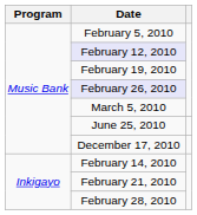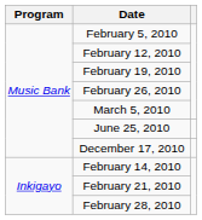 <table class="wikitable plainrowheaders" style="text-align:center;">
 <tr>
 <th>Program</th>
 <th width="150">Date</th>
 <th></th>
 </tr>
 <tr>
 <td rowspan="7"><a href='#'><em>Music Bank</em></a></td>
 <td>February 5, 2010</td>
 <td rowspan="5"></td>
 </tr>
 <tr>
-<td style="background: lavender;">February 12, 2010</td>
+<td>February 12, 2010</td>
 </tr>
 <tr>
 <td>February 19, 2010</td>
 </tr>
 <tr>
-<td style="background: lavender;">February 26, 2010</td>
+<td>February 26, 2010</td>
 </tr>
 <tr>
 <td>March 5, 2010</td>
 </tr>
 <tr>
 <td>June 25, 2010</td>
 <td></td>
 </tr>
 <tr>
 <td>December 17, 2010</td>
 <td></td>
 </tr>
 <tr>
 <td rowspan="3"><em><a href='#'>Inkigayo</a></em></td>
 <td>February 14, 2010</td>
 <td rowspan="3"></td>
 </tr>
 <tr>
 <td>February 21, 2010</td>
 </tr>
 <tr>
 <td>February 28, 2010</td>
 </tr>
 </table>
